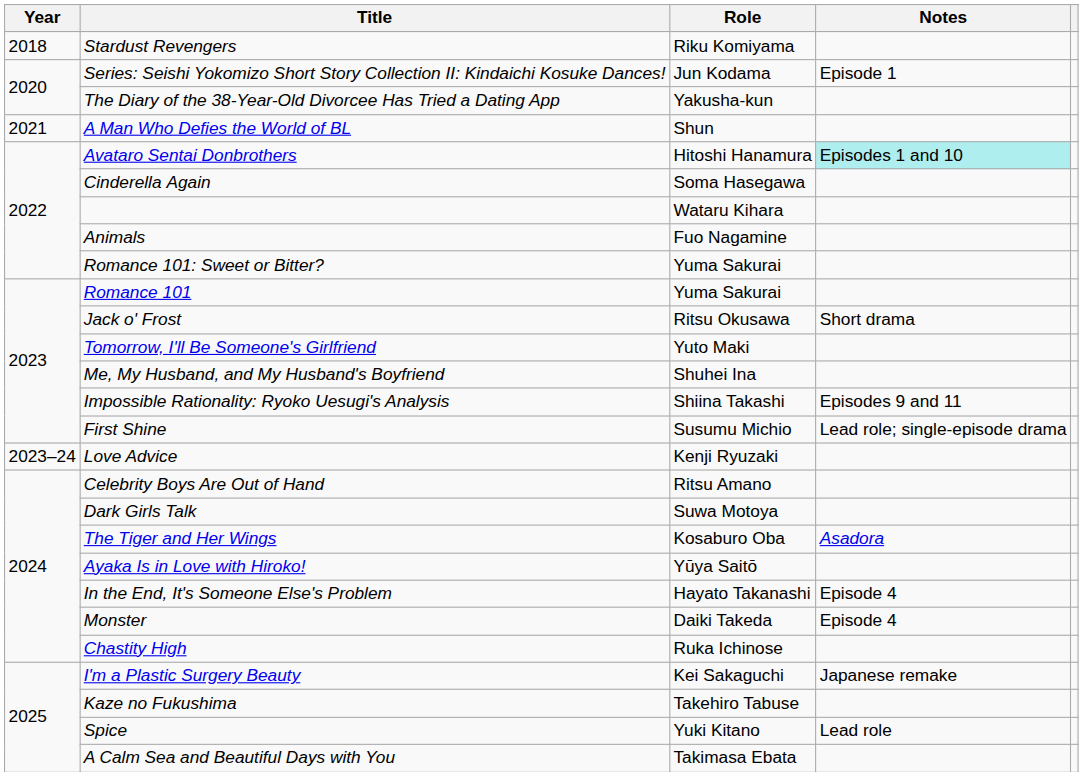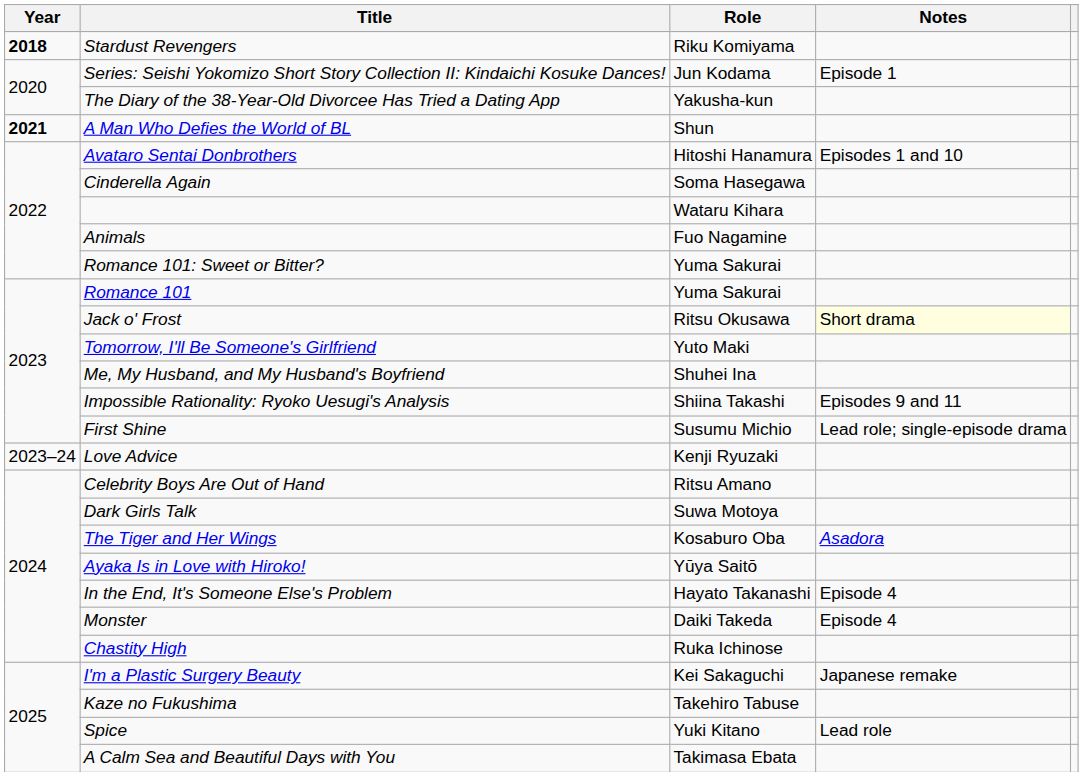 <table class="wikitable sortable plainrowheaders">
 <tr>
 <th scope="col">Year</th>
 <th scope="col">Title</th>
 <th scope="col">Role</th>
 <th scope="col" class="unsortable">Notes</th>
 <th scope="col" class="unsortable"></th>
 </tr>
 <tr>
-<td>2018</td>
+<td><strong>2018</strong></td>
 <td><em>Stardust Revengers</em></td>
 <td>Riku Komiyama</td>
 <td></td>
 <td></td>
 </tr>
 <tr>
 <td rowspan="2">2020</td>
 <td><em>Series: Seishi Yokomizo Short Story Collection II: Kindaichi Kosuke Dances!</em></td>
 <td>Jun Kodama</td>
 <td>Episode 1</td>
 <td></td>
 </tr>
 <tr>
 <td><em>The Diary of the 38-Year-Old Divorcee Has Tried a Dating App</em></td>
 <td>Yakusha-kun</td>
 <td></td>
 <td></td>
 </tr>
 <tr>
-<td>2021</td>
+<td><strong>2021</strong></td>
 <td><em><a href='#'>A Man Who Defies the World of BL</a></em></td>
 <td>Shun</td>
 <td></td>
 <td></td>
 </tr>
 <tr>
 <td rowspan="5">2022</td>
 <td><em><a href='#'>Avataro Sentai Donbrothers</a></em></td>
 <td>Hitoshi Hanamura</td>
-<td style="background: paleturquoise;">Episodes 1 and 10</td>
+<td>Episodes 1 and 10</td>
 <td></td>
 </tr>
 <tr>
 <td><em>Cinderella</em> <em>Again</em></td>
 <td>Soma Hasegawa</td>
 <td></td>
 <td></td>
 </tr>
 <tr>
 <td><em></em></td>
 <td>Wataru Kihara</td>
 <td></td>
 <td></td>
 </tr>
 <tr>
 <td><em>Animals</em></td>
 <td>Fuo Nagamine</td>
 <td></td>
 <td></td>
 </tr>
 <tr>
 <td><em>Romance 101: Sweet or Bitter?</em></td>
 <td>Yuma Sakurai</td>
 <td></td>
 <td></td>
 </tr>
 <tr>
 <td rowspan="6">2023</td>
 <td><em><a href='#'>Romance 101</a></em></td>
 <td>Yuma Sakurai</td>
 <td></td>
 <td></td>
 </tr>
 <tr>
 <td><em>Jack o' Frost</em></td>
 <td>Ritsu Okusawa</td>
-<td>Short drama</td>
+<td style="background: lightyellow;">Short drama</td>
 <td></td>
 </tr>
 <tr>
 <td><em><a href='#'>Tomorrow, I'll Be Someone's Girlfriend</a></em></td>
 <td>Yuto Maki</td>
 <td></td>
 <td></td>
 </tr>
 <tr>
 <td><em>Me, My Husband, and My Husband's Boyfriend</em></td>
 <td>Shuhei Ina</td>
 <td></td>
 <td></td>
 </tr>
 <tr>
 <td><em>Impossible Rationality: Ryoko Uesugi's Analysis</em></td>
 <td>Shiina Takashi</td>
 <td>Episodes 9 and 11</td>
 <td></td>
 </tr>
 <tr>
 <td><em>First Shine</em></td>
 <td>Susumu Michio</td>
 <td>Lead role; single-episode drama</td>
 <td></td>
 </tr>
 <tr>
 <td>2023–24</td>
 <td><em>Love Advice</em></td>
 <td>Kenji Ryuzaki</td>
 <td></td>
 <td></td>
 </tr>
 <tr>
 <td rowspan="7">2024</td>
 <td><em>Celebrity Boys Are Out of Hand</em></td>
 <td>Ritsu Amano</td>
 <td></td>
 <td></td>
 </tr>
 <tr>
 <td><em>Dark Girls Talk</em></td>
 <td>Suwa Motoya</td>
 <td></td>
 <td></td>
 </tr>
 <tr>
 <td><em><a href='#'>The Tiger and Her Wings</a></em></td>
 <td>Kosaburo Oba</td>
 <td><em><a href='#'>Asadora</a></em></td>
 <td></td>
 </tr>
 <tr>
 <td><em><a href='#'>Ayaka Is in Love with Hiroko!</a></em></td>
 <td>Yūya Saitō</td>
 <td></td>
 <td></td>
 </tr>
 <tr>
 <td><em>In the End, It's Someone Else's Problem</em></td>
 <td>Hayato Takanashi</td>
 <td>Episode 4</td>
 <td></td>
 </tr>
 <tr>
 <td><em>Monster</em></td>
 <td>Daiki Takeda</td>
 <td>Episode 4</td>
 <td></td>
 </tr>
 <tr>
 <td><em><a href='#'>Chastity High</a></em></td>
 <td>Ruka Ichinose</td>
 <td></td>
 <td></td>
 </tr>
 <tr>
 <td rowspan="4">2025</td>
 <td><em><a href='#'>I'm a Plastic Surgery Beauty</a></em></td>
 <td>Kei Sakaguchi</td>
 <td>Japanese remake</td>
 <td></td>
 </tr>
 <tr>
 <td><em>Kaze no Fukushima</em></td>
 <td>Takehiro Tabuse</td>
 <td></td>
 <td></td>
 </tr>
 <tr>
 <td><em>Spice</em></td>
 <td>Yuki Kitano</td>
 <td>Lead role</td>
 <td></td>
 </tr>
 <tr>
 <td><em>A Calm Sea and Beautiful Days with You</em></td>
 <td>Takimasa Ebata</td>
 <td></td>
 <td></td>
 </tr>
 <tr>
 </tr>
 </table>
